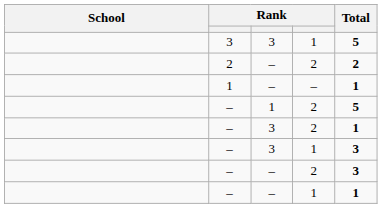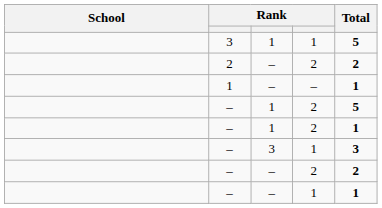 <table class="wikitable sortable" style="text align:center; font-size:90%;">
 <tr bgcolor="#efefef">
 <th rowspan=2 width=220px>School</th>
 <th colspan=3>Rank</th>
 <th rowspan=2 width=40px>Total</th>
 </tr>
 <tr>
 <th width=40px></th>
 <th width=40px></th>
 <th width=40px></th>
 </tr>
 <tr>
 <td></td>
 <td align="center">3</td>
-<td align="center">3</td>
+<td align="center">1</td>
 <td align="center">1</td>
 <td align="center"><strong>5</strong></td>
 </tr>
 <tr>
 <td></td>
 <td align="center">2</td>
 <td align="center">–</td>
 <td align="center">2</td>
 <td align="center"><strong>2</strong></td>
 </tr>
 <tr>
 <td></td>
 <td align="center">1</td>
 <td align="center">–</td>
 <td align="center">–</td>
 <td align="center"><strong>1</strong></td>
 </tr>
 <tr>
 <td></td>
 <td align="center">–</td>
 <td align="center">1</td>
 <td align="center">2</td>
 <td align="center"><strong>5</strong></td>
 </tr>
 <tr>
 <td></td>
 <td align="center">–</td>
-<td align="center">3</td>
+<td align="center">1</td>
 <td align="center">2</td>
 <td align="center"><strong>1</strong></td>
 </tr>
 <tr>
 <td></td>
 <td align="center">–</td>
 <td align="center">3</td>
 <td align="center">1</td>
 <td align="center"><strong>3</strong></td>
 </tr>
 <tr>
 <td></td>
 <td align="center">–</td>
 <td align="center">–</td>
 <td align="center">2</td>
-<td align="center"><strong>3</strong></td>
+<td align="center"><strong>2</strong></td>
 </tr>
 <tr>
 <td></td>
 <td align="center">–</td>
 <td align="center">–</td>
 <td align="center">1</td>
 <td align="center"><strong>1</strong></td>
 </tr>
 </table>
